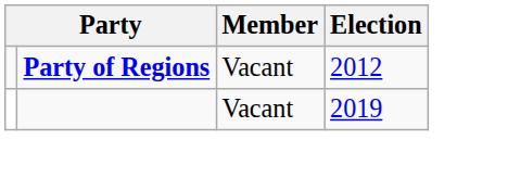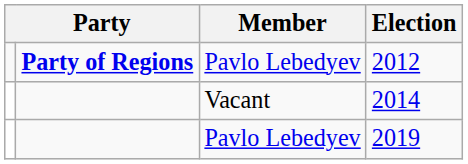 <table class="wikitable">
 <tr>
 <th colspan="2">Party</th>
 <th>Member</th>
 <th>Election</th>
 </tr>
 <tr>
 <td style="background-color: "></td>
 <td><strong><a href='#'>Party of Regions</a></strong></td>
-<td>Vacant</td>
+<td><a href='#'>Pavlo Lebedyev</a></td>
 <td><a href='#'>2012</a></td>
 </tr>
 <tr>
 <td style="background-color: white"></td>
 <td></td>
 <td>Vacant</td>
+<td><a href='#'>2014</a></td>
+</tr>
+<tr>
+<td style="background-color: white"></td>
+<td></td>
+<td><a href='#'>Pavlo Lebedyev</a></td>
 <td><a href='#'>2019</a></td>
 </tr>
 </table>
